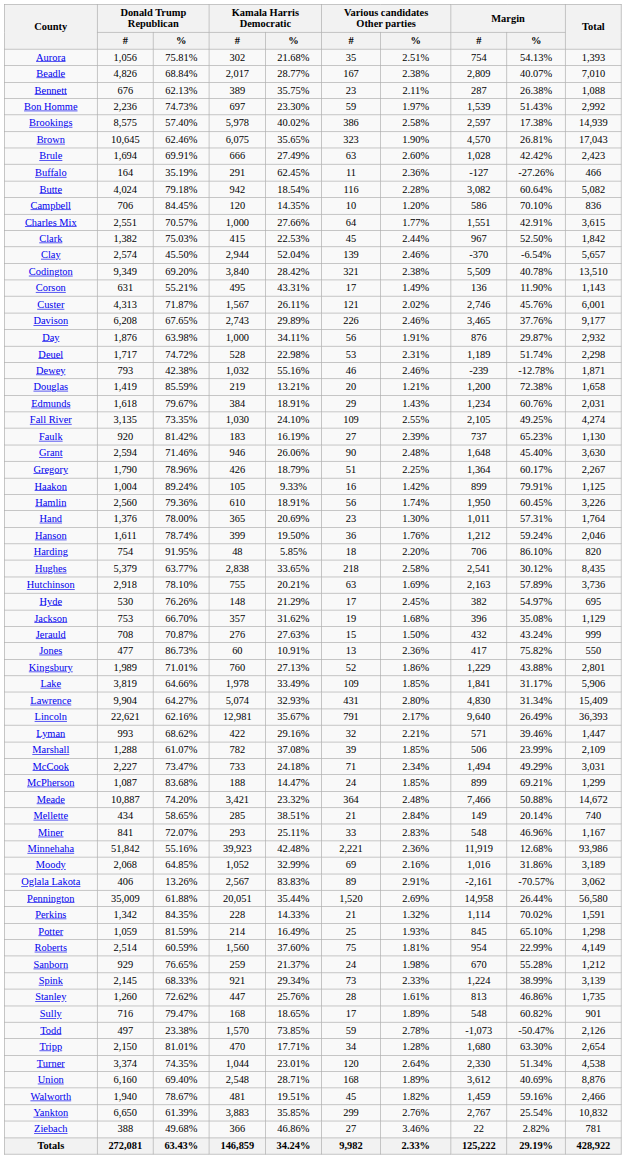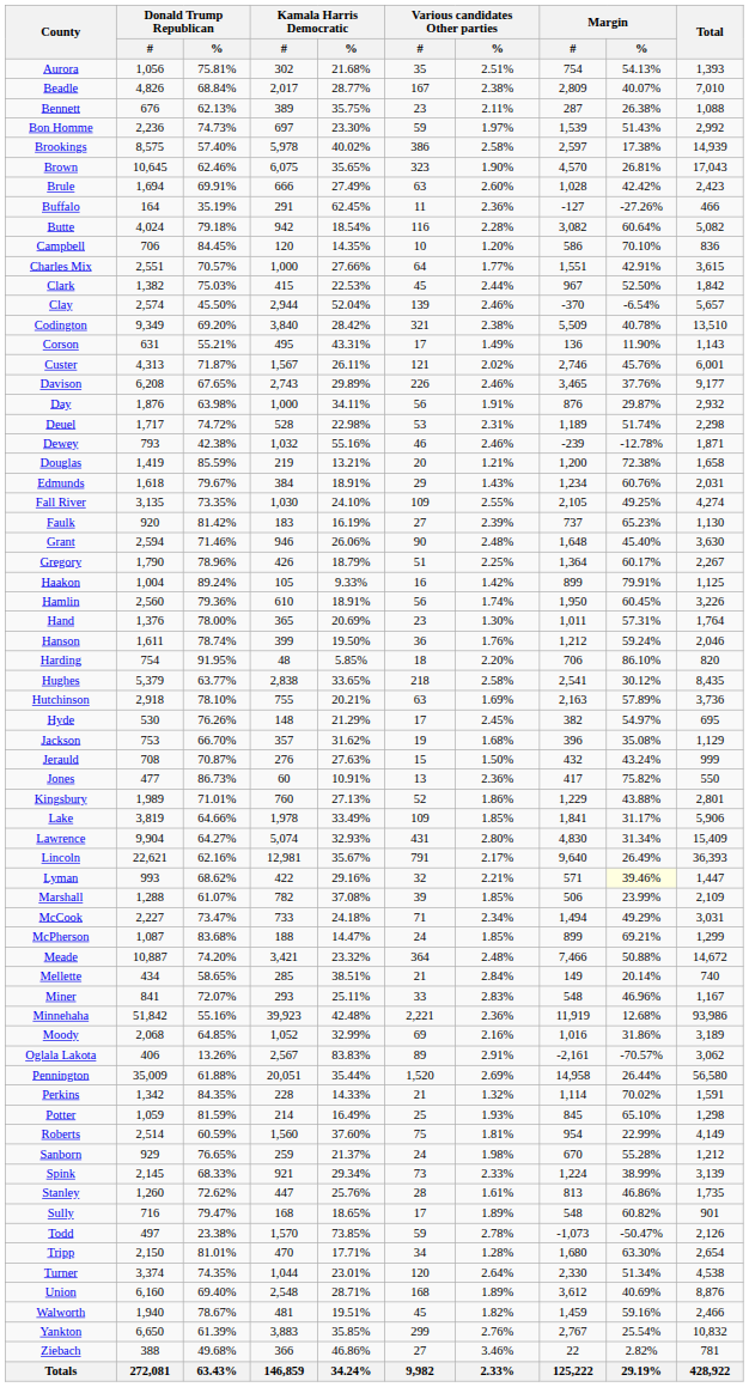 <table width="60%" class="wikitable sortable">
 <tr>
 <th rowspan="2">County</th>
 <th colspan="2">Donald Trump<br>Republican</th>
 <th colspan="2">Kamala Harris<br>Democratic</th>
 <th colspan="2">Various candidates<br>Other parties</th>
 <th colspan="2">Margin</th>
 <th rowspan="2">Total</th>
 </tr>
 <tr>
 <th style="text-align:center;" data-sort-type="number">#</th>
 <th style="text-align:center;" data-sort-type="number">%</th>
 <th style="text-align:center;" data-sort-type="number">#</th>
 <th style="text-align:center;" data-sort-type="number">%</th>
 <th style="text-align:center;" data-sort-type="number">#</th>
 <th style="text-align:center;" data-sort-type="number">%</th>
 <th style="text-align:center;" data-sort-type="number">#</th>
 <th style="text-align:center;" data-sort-type="number">%</th>
 </tr>
 <tr style="text-align:center;">
 <td><a href='#'>Aurora</a></td>
 <td>1,056</td>
 <td>75.81%</td>
 <td>302</td>
 <td>21.68%</td>
 <td>35</td>
 <td>2.51%</td>
 <td>754</td>
 <td>54.13%</td>
 <td>1,393</td>
 </tr>
 <tr style="text-align:center;">
 <td><a href='#'>Beadle</a></td>
 <td>4,826</td>
 <td>68.84%</td>
 <td>2,017</td>
 <td>28.77%</td>
 <td>167</td>
 <td>2.38%</td>
 <td>2,809</td>
 <td>40.07%</td>
 <td>7,010</td>
 </tr>
 <tr style="text-align:center;">
 <td><a href='#'>Bennett</a></td>
 <td>676</td>
 <td>62.13%</td>
 <td>389</td>
 <td>35.75%</td>
 <td>23</td>
 <td>2.11%</td>
 <td>287</td>
 <td>26.38%</td>
 <td>1,088</td>
 </tr>
 <tr style="text-align:center;">
 <td><a href='#'>Bon Homme</a></td>
 <td>2,236</td>
 <td>74.73%</td>
 <td>697</td>
 <td>23.30%</td>
 <td>59</td>
 <td>1.97%</td>
 <td>1,539</td>
 <td>51.43%</td>
 <td>2,992</td>
 </tr>
 <tr style="text-align:center;">
 <td><a href='#'>Brookings</a></td>
 <td>8,575</td>
 <td>57.40%</td>
 <td>5,978</td>
 <td>40.02%</td>
 <td>386</td>
 <td>2.58%</td>
 <td>2,597</td>
 <td>17.38%</td>
 <td>14,939</td>
 </tr>
 <tr style="text-align:center;">
 <td><a href='#'>Brown</a></td>
 <td>10,645</td>
 <td>62.46%</td>
 <td>6,075</td>
 <td>35.65%</td>
 <td>323</td>
 <td>1.90%</td>
 <td>4,570</td>
 <td>26.81%</td>
 <td>17,043</td>
 </tr>
 <tr style="text-align:center;">
 <td><a href='#'>Brule</a></td>
 <td>1,694</td>
 <td>69.91%</td>
 <td>666</td>
 <td>27.49%</td>
 <td>63</td>
 <td>2.60%</td>
 <td>1,028</td>
 <td>42.42%</td>
 <td>2,423</td>
 </tr>
 <tr style="text-align:center;">
 <td><a href='#'>Buffalo</a></td>
 <td>164</td>
 <td>35.19%</td>
 <td>291</td>
 <td>62.45%</td>
 <td>11</td>
 <td>2.36%</td>
 <td>-127</td>
 <td>-27.26%</td>
 <td>466</td>
 </tr>
 <tr style="text-align:center;">
 <td><a href='#'>Butte</a></td>
 <td>4,024</td>
 <td>79.18%</td>
 <td>942</td>
 <td>18.54%</td>
 <td>116</td>
 <td>2.28%</td>
 <td>3,082</td>
 <td>60.64%</td>
 <td>5,082</td>
 </tr>
 <tr style="text-align:center;">
 <td><a href='#'>Campbell</a></td>
 <td>706</td>
 <td>84.45%</td>
 <td>120</td>
 <td>14.35%</td>
 <td>10</td>
 <td>1.20%</td>
 <td>586</td>
 <td>70.10%</td>
 <td>836</td>
 </tr>
 <tr style="text-align:center;">
 <td><a href='#'>Charles Mix</a></td>
 <td>2,551</td>
 <td>70.57%</td>
 <td>1,000</td>
 <td>27.66%</td>
 <td>64</td>
 <td>1.77%</td>
 <td>1,551</td>
 <td>42.91%</td>
 <td>3,615</td>
 </tr>
 <tr style="text-align:center;">
 <td><a href='#'>Clark</a></td>
 <td>1,382</td>
 <td>75.03%</td>
 <td>415</td>
 <td>22.53%</td>
 <td>45</td>
 <td>2.44%</td>
 <td>967</td>
 <td>52.50%</td>
 <td>1,842</td>
 </tr>
 <tr style="text-align:center;">
 <td><a href='#'>Clay</a></td>
 <td>2,574</td>
 <td>45.50%</td>
 <td>2,944</td>
 <td>52.04%</td>
 <td>139</td>
 <td>2.46%</td>
 <td>-370</td>
 <td>-6.54%</td>
 <td>5,657</td>
 </tr>
 <tr style="text-align:center;">
 <td><a href='#'>Codington</a></td>
 <td>9,349</td>
 <td>69.20%</td>
 <td>3,840</td>
 <td>28.42%</td>
 <td>321</td>
 <td>2.38%</td>
 <td>5,509</td>
 <td>40.78%</td>
 <td>13,510</td>
 </tr>
 <tr style="text-align:center;">
 <td><a href='#'>Corson</a></td>
 <td>631</td>
 <td>55.21%</td>
 <td>495</td>
 <td>43.31%</td>
 <td>17</td>
 <td>1.49%</td>
 <td>136</td>
 <td>11.90%</td>
 <td>1,143</td>
 </tr>
 <tr style="text-align:center;">
 <td><a href='#'>Custer</a></td>
 <td>4,313</td>
 <td>71.87%</td>
 <td>1,567</td>
 <td>26.11%</td>
 <td>121</td>
 <td>2.02%</td>
 <td>2,746</td>
 <td>45.76%</td>
 <td>6,001</td>
 </tr>
 <tr style="text-align:center;">
 <td><a href='#'>Davison</a></td>
 <td>6,208</td>
 <td>67.65%</td>
 <td>2,743</td>
 <td>29.89%</td>
 <td>226</td>
 <td>2.46%</td>
 <td>3,465</td>
 <td>37.76%</td>
 <td>9,177</td>
 </tr>
 <tr style="text-align:center;">
 <td><a href='#'>Day</a></td>
 <td>1,876</td>
 <td>63.98%</td>
 <td>1,000</td>
 <td>34.11%</td>
 <td>56</td>
 <td>1.91%</td>
 <td>876</td>
 <td>29.87%</td>
 <td>2,932</td>
 </tr>
 <tr style="text-align:center;">
 <td><a href='#'>Deuel</a></td>
 <td>1,717</td>
 <td>74.72%</td>
 <td>528</td>
 <td>22.98%</td>
 <td>53</td>
 <td>2.31%</td>
 <td>1,189</td>
 <td>51.74%</td>
 <td>2,298</td>
 </tr>
 <tr style="text-align:center;">
 <td><a href='#'>Dewey</a></td>
 <td>793</td>
 <td>42.38%</td>
 <td>1,032</td>
 <td>55.16%</td>
 <td>46</td>
 <td>2.46%</td>
 <td>-239</td>
 <td>-12.78%</td>
 <td>1,871</td>
 </tr>
 <tr style="text-align:center;">
 <td><a href='#'>Douglas</a></td>
 <td>1,419</td>
 <td>85.59%</td>
 <td>219</td>
 <td>13.21%</td>
 <td>20</td>
 <td>1.21%</td>
 <td>1,200</td>
 <td>72.38%</td>
 <td>1,658</td>
 </tr>
 <tr style="text-align:center;">
 <td><a href='#'>Edmunds</a></td>
 <td>1,618</td>
 <td>79.67%</td>
 <td>384</td>
 <td>18.91%</td>
 <td>29</td>
 <td>1.43%</td>
 <td>1,234</td>
 <td>60.76%</td>
 <td>2,031</td>
 </tr>
 <tr style="text-align:center;">
 <td><a href='#'>Fall River</a></td>
 <td>3,135</td>
 <td>73.35%</td>
 <td>1,030</td>
 <td>24.10%</td>
 <td>109</td>
 <td>2.55%</td>
 <td>2,105</td>
 <td>49.25%</td>
 <td>4,274</td>
 </tr>
 <tr style="text-align:center;">
 <td><a href='#'>Faulk</a></td>
 <td>920</td>
 <td>81.42%</td>
 <td>183</td>
 <td>16.19%</td>
 <td>27</td>
 <td>2.39%</td>
 <td>737</td>
 <td>65.23%</td>
 <td>1,130</td>
 </tr>
 <tr style="text-align:center;">
 <td><a href='#'>Grant</a></td>
 <td>2,594</td>
 <td>71.46%</td>
 <td>946</td>
 <td>26.06%</td>
 <td>90</td>
 <td>2.48%</td>
 <td>1,648</td>
 <td>45.40%</td>
 <td>3,630</td>
 </tr>
 <tr style="text-align:center;">
 <td><a href='#'>Gregory</a></td>
 <td>1,790</td>
 <td>78.96%</td>
 <td>426</td>
 <td>18.79%</td>
 <td>51</td>
 <td>2.25%</td>
 <td>1,364</td>
 <td>60.17%</td>
 <td>2,267</td>
 </tr>
 <tr style="text-align:center;">
 <td><a href='#'>Haakon</a></td>
 <td>1,004</td>
 <td>89.24%</td>
 <td>105</td>
 <td>9.33%</td>
 <td>16</td>
 <td>1.42%</td>
 <td>899</td>
 <td>79.91%</td>
 <td>1,125</td>
 </tr>
 <tr style="text-align:center;">
 <td><a href='#'>Hamlin</a></td>
 <td>2,560</td>
 <td>79.36%</td>
 <td>610</td>
 <td>18.91%</td>
 <td>56</td>
 <td>1.74%</td>
 <td>1,950</td>
 <td>60.45%</td>
 <td>3,226</td>
 </tr>
 <tr style="text-align:center;">
 <td><a href='#'>Hand</a></td>
 <td>1,376</td>
 <td>78.00%</td>
 <td>365</td>
 <td>20.69%</td>
 <td>23</td>
 <td>1.30%</td>
 <td>1,011</td>
 <td>57.31%</td>
 <td>1,764</td>
 </tr>
 <tr style="text-align:center;">
 <td><a href='#'>Hanson</a></td>
 <td>1,611</td>
 <td>78.74%</td>
 <td>399</td>
 <td>19.50%</td>
 <td>36</td>
 <td>1.76%</td>
 <td>1,212</td>
 <td>59.24%</td>
 <td>2,046</td>
 </tr>
 <tr style="text-align:center;">
 <td><a href='#'>Harding</a></td>
 <td>754</td>
 <td>91.95%</td>
 <td>48</td>
 <td>5.85%</td>
 <td>18</td>
 <td>2.20%</td>
 <td>706</td>
 <td>86.10%</td>
 <td>820</td>
 </tr>
 <tr style="text-align:center;">
 <td><a href='#'>Hughes</a></td>
 <td>5,379</td>
 <td>63.77%</td>
 <td>2,838</td>
 <td>33.65%</td>
 <td>218</td>
 <td>2.58%</td>
 <td>2,541</td>
 <td>30.12%</td>
 <td>8,435</td>
 </tr>
 <tr style="text-align:center;">
 <td><a href='#'>Hutchinson</a></td>
 <td>2,918</td>
 <td>78.10%</td>
 <td>755</td>
 <td>20.21%</td>
 <td>63</td>
 <td>1.69%</td>
 <td>2,163</td>
 <td>57.89%</td>
 <td>3,736</td>
 </tr>
 <tr style="text-align:center;">
 <td><a href='#'>Hyde</a></td>
 <td>530</td>
 <td>76.26%</td>
 <td>148</td>
 <td>21.29%</td>
 <td>17</td>
 <td>2.45%</td>
 <td>382</td>
 <td>54.97%</td>
 <td>695</td>
 </tr>
 <tr style="text-align:center;">
 <td><a href='#'>Jackson</a></td>
 <td>753</td>
 <td>66.70%</td>
 <td>357</td>
 <td>31.62%</td>
 <td>19</td>
 <td>1.68%</td>
 <td>396</td>
 <td>35.08%</td>
 <td>1,129</td>
 </tr>
 <tr style="text-align:center;">
 <td><a href='#'>Jerauld</a></td>
 <td>708</td>
 <td>70.87%</td>
 <td>276</td>
 <td>27.63%</td>
 <td>15</td>
 <td>1.50%</td>
 <td>432</td>
 <td>43.24%</td>
 <td>999</td>
 </tr>
 <tr style="text-align:center;">
 <td><a href='#'>Jones</a></td>
 <td>477</td>
 <td>86.73%</td>
 <td>60</td>
 <td>10.91%</td>
 <td>13</td>
 <td>2.36%</td>
 <td>417</td>
 <td>75.82%</td>
 <td>550</td>
 </tr>
 <tr style="text-align:center;">
 <td><a href='#'>Kingsbury</a></td>
 <td>1,989</td>
 <td>71.01%</td>
 <td>760</td>
 <td>27.13%</td>
 <td>52</td>
 <td>1.86%</td>
 <td>1,229</td>
 <td>43.88%</td>
 <td>2,801</td>
 </tr>
 <tr style="text-align:center;">
 <td><a href='#'>Lake</a></td>
 <td>3,819</td>
 <td>64.66%</td>
 <td>1,978</td>
 <td>33.49%</td>
 <td>109</td>
 <td>1.85%</td>
 <td>1,841</td>
 <td>31.17%</td>
 <td>5,906</td>
 </tr>
 <tr style="text-align:center;">
 <td><a href='#'>Lawrence</a></td>
 <td>9,904</td>
 <td>64.27%</td>
 <td>5,074</td>
 <td>32.93%</td>
 <td>431</td>
 <td>2.80%</td>
 <td>4,830</td>
 <td>31.34%</td>
 <td>15,409</td>
 </tr>
 <tr style="text-align:center;">
 <td><a href='#'>Lincoln</a></td>
 <td>22,621</td>
 <td>62.16%</td>
 <td>12,981</td>
 <td>35.67%</td>
 <td>791</td>
 <td>2.17%</td>
 <td>9,640</td>
 <td>26.49%</td>
 <td>36,393</td>
 </tr>
 <tr style="text-align:center;">
 <td><a href='#'>Lyman</a></td>
 <td>993</td>
 <td>68.62%</td>
 <td>422</td>
 <td>29.16%</td>
 <td>32</td>
 <td>2.21%</td>
 <td>571</td>
-<td>39.46%</td>
+<td style="background: lightyellow;">39.46%</td>
 <td>1,447</td>
 </tr>
 <tr style="text-align:center;">
 <td><a href='#'>Marshall</a></td>
 <td>1,288</td>
 <td>61.07%</td>
 <td>782</td>
 <td>37.08%</td>
 <td>39</td>
 <td>1.85%</td>
 <td>506</td>
 <td>23.99%</td>
 <td>2,109</td>
 </tr>
 <tr style="text-align:center;">
 <td><a href='#'>McCook</a></td>
 <td>2,227</td>
 <td>73.47%</td>
 <td>733</td>
 <td>24.18%</td>
 <td>71</td>
 <td>2.34%</td>
 <td>1,494</td>
 <td>49.29%</td>
 <td>3,031</td>
 </tr>
 <tr style="text-align:center;">
 <td><a href='#'>McPherson</a></td>
 <td>1,087</td>
 <td>83.68%</td>
 <td>188</td>
 <td>14.47%</td>
 <td>24</td>
 <td>1.85%</td>
 <td>899</td>
 <td>69.21%</td>
 <td>1,299</td>
 </tr>
 <tr style="text-align:center;">
 <td><a href='#'>Meade</a></td>
 <td>10,887</td>
 <td>74.20%</td>
 <td>3,421</td>
 <td>23.32%</td>
 <td>364</td>
 <td>2.48%</td>
 <td>7,466</td>
 <td>50.88%</td>
 <td>14,672</td>
 </tr>
 <tr style="text-align:center;">
 <td><a href='#'>Mellette</a></td>
 <td>434</td>
 <td>58.65%</td>
 <td>285</td>
 <td>38.51%</td>
 <td>21</td>
 <td>2.84%</td>
 <td>149</td>
 <td>20.14%</td>
 <td>740</td>
 </tr>
 <tr style="text-align:center;">
 <td><a href='#'>Miner</a></td>
 <td>841</td>
 <td>72.07%</td>
 <td>293</td>
 <td>25.11%</td>
 <td>33</td>
 <td>2.83%</td>
 <td>548</td>
 <td>46.96%</td>
 <td>1,167</td>
 </tr>
 <tr style="text-align:center;">
 <td><a href='#'>Minnehaha</a></td>
 <td>51,842</td>
 <td>55.16%</td>
 <td>39,923</td>
 <td>42.48%</td>
 <td>2,221</td>
 <td>2.36%</td>
 <td>11,919</td>
 <td>12.68%</td>
 <td>93,986</td>
 </tr>
 <tr style="text-align:center;">
 <td><a href='#'>Moody</a></td>
 <td>2,068</td>
 <td>64.85%</td>
 <td>1,052</td>
 <td>32.99%</td>
 <td>69</td>
 <td>2.16%</td>
 <td>1,016</td>
 <td>31.86%</td>
 <td>3,189</td>
 </tr>
 <tr style="text-align:center;">
 <td><a href='#'>Oglala Lakota</a></td>
 <td>406</td>
 <td>13.26%</td>
 <td>2,567</td>
 <td>83.83%</td>
 <td>89</td>
 <td>2.91%</td>
 <td>-2,161</td>
 <td>-70.57%</td>
 <td>3,062</td>
 </tr>
 <tr style="text-align:center;">
 <td><a href='#'>Pennington</a></td>
 <td>35,009</td>
 <td>61.88%</td>
 <td>20,051</td>
 <td>35.44%</td>
 <td>1,520</td>
 <td>2.69%</td>
 <td>14,958</td>
 <td>26.44%</td>
 <td>56,580</td>
 </tr>
 <tr style="text-align:center;">
 <td><a href='#'>Perkins</a></td>
 <td>1,342</td>
 <td>84.35%</td>
 <td>228</td>
 <td>14.33%</td>
 <td>21</td>
 <td>1.32%</td>
 <td>1,114</td>
 <td>70.02%</td>
 <td>1,591</td>
 </tr>
 <tr style="text-align:center;">
 <td><a href='#'>Potter</a></td>
 <td>1,059</td>
 <td>81.59%</td>
 <td>214</td>
 <td>16.49%</td>
 <td>25</td>
 <td>1.93%</td>
 <td>845</td>
 <td>65.10%</td>
 <td>1,298</td>
 </tr>
 <tr style="text-align:center;">
 <td><a href='#'>Roberts</a></td>
 <td>2,514</td>
 <td>60.59%</td>
 <td>1,560</td>
 <td>37.60%</td>
 <td>75</td>
 <td>1.81%</td>
 <td>954</td>
 <td>22.99%</td>
 <td>4,149</td>
 </tr>
 <tr style="text-align:center;">
 <td><a href='#'>Sanborn</a></td>
 <td>929</td>
 <td>76.65%</td>
 <td>259</td>
 <td>21.37%</td>
 <td>24</td>
 <td>1.98%</td>
 <td>670</td>
 <td>55.28%</td>
 <td>1,212</td>
 </tr>
 <tr style="text-align:center;">
 <td><a href='#'>Spink</a></td>
 <td>2,145</td>
 <td>68.33%</td>
 <td>921</td>
 <td>29.34%</td>
 <td>73</td>
 <td>2.33%</td>
 <td>1,224</td>
 <td>38.99%</td>
 <td>3,139</td>
 </tr>
 <tr style="text-align:center;">
 <td><a href='#'>Stanley</a></td>
 <td>1,260</td>
 <td>72.62%</td>
 <td>447</td>
 <td>25.76%</td>
 <td>28</td>
 <td>1.61%</td>
 <td>813</td>
 <td>46.86%</td>
 <td>1,735</td>
 </tr>
 <tr style="text-align:center;">
 <td><a href='#'>Sully</a></td>
 <td>716</td>
 <td>79.47%</td>
 <td>168</td>
 <td>18.65%</td>
 <td>17</td>
 <td>1.89%</td>
 <td>548</td>
 <td>60.82%</td>
 <td>901</td>
 </tr>
 <tr style="text-align:center;">
 <td><a href='#'>Todd</a></td>
 <td>497</td>
 <td>23.38%</td>
 <td>1,570</td>
 <td>73.85%</td>
 <td>59</td>
 <td>2.78%</td>
 <td>-1,073</td>
 <td>-50.47%</td>
 <td>2,126</td>
 </tr>
 <tr style="text-align:center;">
 <td><a href='#'>Tripp</a></td>
 <td>2,150</td>
 <td>81.01%</td>
 <td>470</td>
 <td>17.71%</td>
 <td>34</td>
 <td>1.28%</td>
 <td>1,680</td>
 <td>63.30%</td>
 <td>2,654</td>
 </tr>
 <tr style="text-align:center;">
 <td><a href='#'>Turner</a></td>
 <td>3,374</td>
 <td>74.35%</td>
 <td>1,044</td>
 <td>23.01%</td>
 <td>120</td>
 <td>2.64%</td>
 <td>2,330</td>
 <td>51.34%</td>
 <td>4,538</td>
 </tr>
 <tr style="text-align:center;">
 <td><a href='#'>Union</a></td>
 <td>6,160</td>
 <td>69.40%</td>
 <td>2,548</td>
 <td>28.71%</td>
 <td>168</td>
 <td>1.89%</td>
 <td>3,612</td>
 <td>40.69%</td>
 <td>8,876</td>
 </tr>
 <tr style="text-align:center;">
 <td><a href='#'>Walworth</a></td>
 <td>1,940</td>
 <td>78.67%</td>
 <td>481</td>
 <td>19.51%</td>
 <td>45</td>
 <td>1.82%</td>
 <td>1,459</td>
 <td>59.16%</td>
 <td>2,466</td>
 </tr>
 <tr style="text-align:center;">
 <td><a href='#'>Yankton</a></td>
 <td>6,650</td>
 <td>61.39%</td>
 <td>3,883</td>
 <td>35.85%</td>
 <td>299</td>
 <td>2.76%</td>
 <td>2,767</td>
 <td>25.54%</td>
 <td>10,832</td>
 </tr>
 <tr style="text-align:center;">
 <td><a href='#'>Ziebach</a></td>
 <td>388</td>
 <td>49.68%</td>
 <td>366</td>
 <td>46.86%</td>
 <td>27</td>
 <td>3.46%</td>
 <td>22</td>
 <td>2.82%</td>
 <td>781</td>
 </tr>
 <tr>
 <th>Totals</th>
 <th>272,081</th>
 <th>63.43%</th>
 <th>146,859</th>
 <th>34.24%</th>
 <th>9,982</th>
 <th>2.33%</th>
 <th>125,222</th>
 <th>29.19%</th>
 <th>428,922</th>
 </tr>
 </table>
